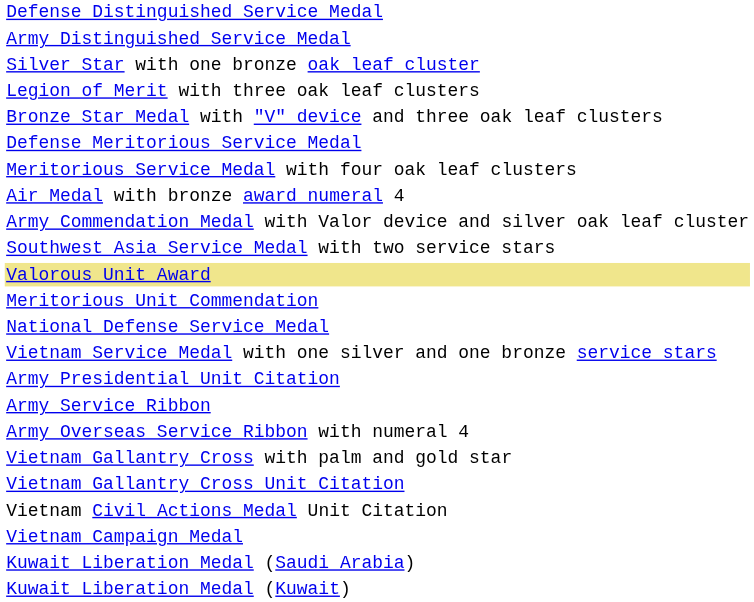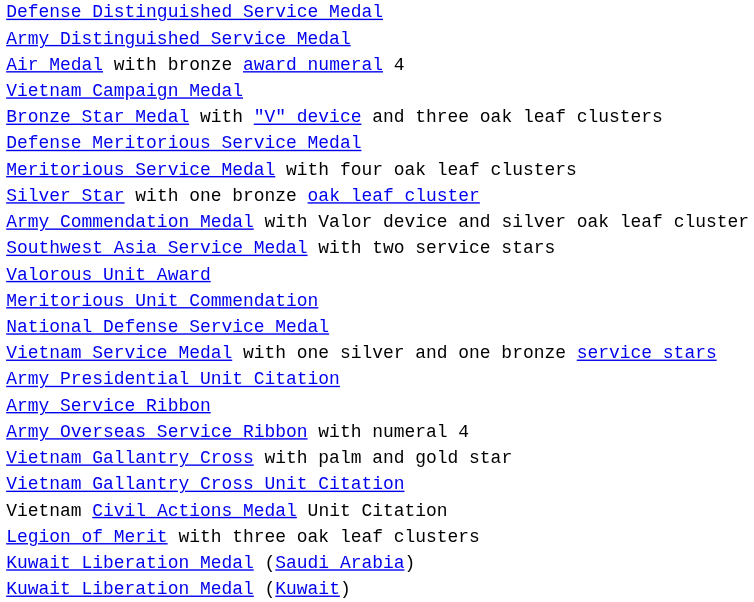 <table>
 <tr>
 <td> <a href='#'>Defense Distinguished Service Medal</a></td>
 </tr>
 <tr>
 <td> <a href='#'>Army Distinguished Service Medal</a></td>
 </tr>
 <tr>
-<td> <a href='#'>Silver Star</a> with one bronze <a href='#'>oak leaf cluster</a></td>
+<td><span></span> <a href='#'>Air Medal</a> with bronze <a href='#'>award numeral</a> 4</td>
 </tr>
 <tr>
-<td><span></span><span></span><span></span> <a href='#'>Legion of Merit</a> with three oak leaf clusters</td>
+<td> <a href='#'>Vietnam Campaign Medal</a></td>
 </tr>
 <tr>
 <td><span></span><span></span><span></span><span></span> <a href='#'>Bronze Star Medal</a> with <a href='#'>"V" device</a> and three oak leaf clusters</td>
 </tr>
 <tr>
 <td> <a href='#'>Defense Meritorious Service Medal</a></td>
 </tr>
 <tr>
 <td><span></span><span></span><span></span><span></span> <a href='#'>Meritorious Service Medal</a> with four oak leaf clusters</td>
 </tr>
 <tr>
-<td><span></span> <a href='#'>Air Medal</a> with bronze <a href='#'>award numeral</a> 4</td>
+<td> <a href='#'>Silver Star</a> with one bronze <a href='#'>oak leaf cluster</a></td>
 </tr>
 <tr>
 <td><span></span><span></span> <a href='#'>Army Commendation Medal</a> with Valor device and silver oak leaf cluster</td>
 </tr>
 <tr>
 <td><span></span><span></span> <a href='#'>Southwest Asia Service Medal</a> with two service stars</td>
 </tr>
 <tr>
-<td style="background: khaki;"> <a href='#'>Valorous Unit Award</a></td>
+<td> <a href='#'>Valorous Unit Award</a></td>
 </tr>
 <tr>
 <td> <a href='#'>Meritorious Unit Commendation</a></td>
 </tr>
 <tr>
 <td> <a href='#'>National Defense Service Medal</a></td>
 </tr>
 <tr>
 <td><span></span><span></span> <a href='#'>Vietnam Service Medal</a> with one silver and one bronze <a href='#'>service stars</a></td>
 </tr>
 <tr>
 <td> <a href='#'>Army Presidential Unit Citation</a></td>
 </tr>
 <tr>
 <td> <a href='#'>Army Service Ribbon</a></td>
 </tr>
 <tr>
 <td><span></span> <a href='#'>Army Overseas Service Ribbon</a> with numeral 4</td>
 </tr>
 <tr>
 <td><span></span> <a href='#'>Vietnam Gallantry Cross</a> with palm and gold star</td>
 </tr>
 <tr>
 <td> <a href='#'>Vietnam Gallantry Cross Unit Citation</a></td>
 </tr>
 <tr>
 <td> Vietnam <a href='#'>Civil Actions Medal</a> Unit Citation</td>
 </tr>
 <tr>
-<td> <a href='#'>Vietnam Campaign Medal</a></td>
+<td><span></span><span></span><span></span> <a href='#'>Legion of Merit</a> with three oak leaf clusters</td>
 </tr>
 <tr>
 <td> <a href='#'>Kuwait Liberation Medal</a> (<a href='#'>Saudi Arabia</a>)</td>
 </tr>
 <tr>
 <td> <a href='#'>Kuwait Liberation Medal</a> (<a href='#'>Kuwait</a>)</td>
 </tr>
 </table>
